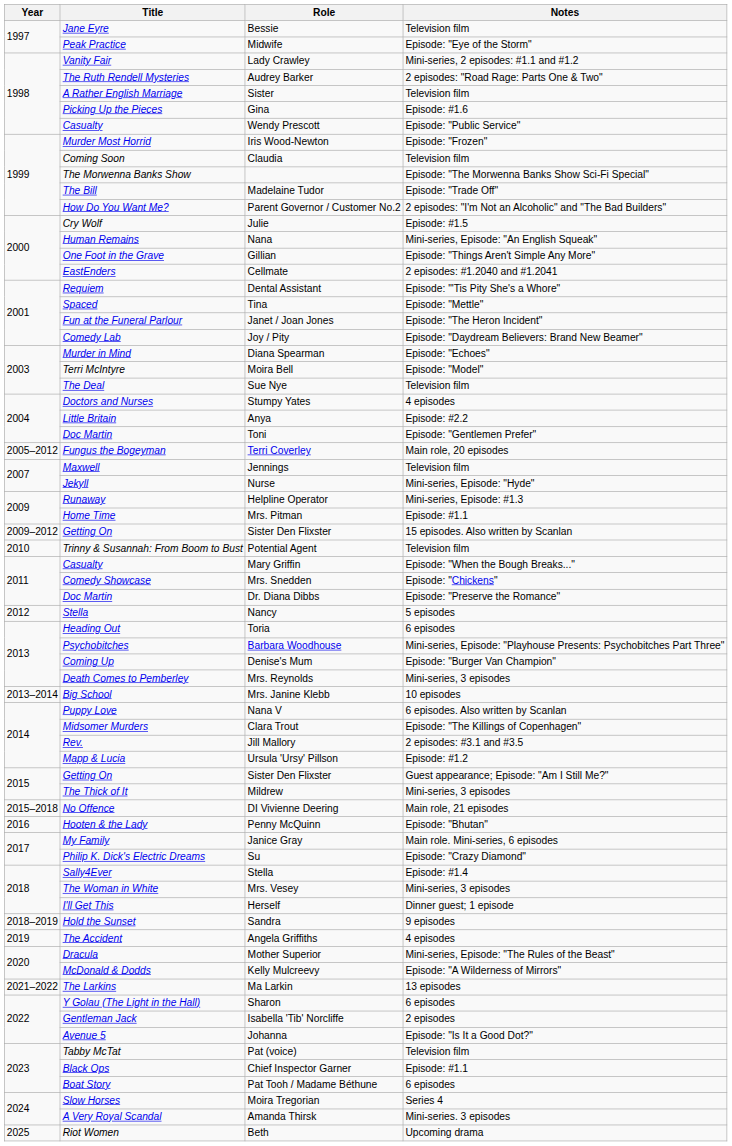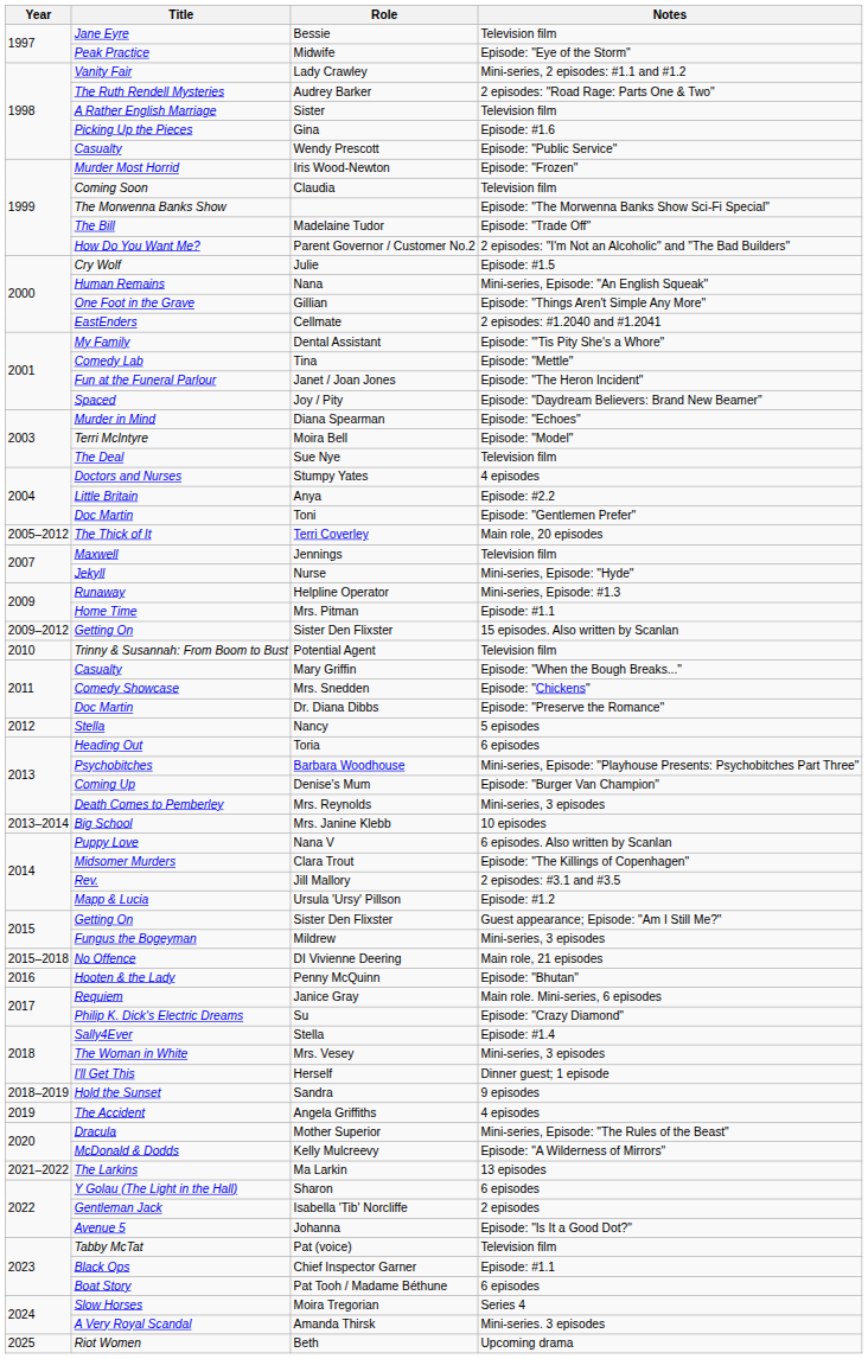 <table class="wikitable sortable">
 <tr>
 <th>Year</th>
 <th>Title</th>
 <th>Role</th>
 <th class="unsortable">Notes</th>
 </tr>
 <tr>
 <td rowspan="2">1997</td>
 <td><em><a href='#'>Jane Eyre</a></em></td>
 <td>Bessie</td>
 <td>Television film</td>
 </tr>
 <tr>
 <td><em><a href='#'>Peak Practice</a></em></td>
 <td>Midwife</td>
 <td>Episode: "Eye of the Storm"</td>
 </tr>
 <tr>
 <td rowspan="5">1998</td>
 <td><em><a href='#'>Vanity Fair</a></em></td>
 <td>Lady Crawley</td>
 <td>Mini-series, 2 episodes: #1.1 and #1.2</td>
 </tr>
 <tr>
 <td><em><a href='#'>The Ruth Rendell Mysteries</a></em></td>
 <td>Audrey Barker</td>
 <td>2 episodes: "Road Rage: Parts One & Two"</td>
 </tr>
 <tr>
 <td><em><a href='#'>A Rather English Marriage</a></em></td>
 <td>Sister</td>
 <td>Television film</td>
 </tr>
 <tr>
 <td><em><a href='#'>Picking Up the Pieces</a></em></td>
 <td>Gina</td>
 <td>Episode: #1.6</td>
 </tr>
 <tr>
 <td><em><a href='#'>Casualty</a></em></td>
 <td>Wendy Prescott</td>
 <td>Episode: "Public Service"</td>
 </tr>
 <tr>
 <td rowspan="5">1999</td>
 <td><em><a href='#'>Murder Most Horrid</a></em></td>
 <td>Iris Wood-Newton</td>
 <td>Episode: "Frozen"</td>
 </tr>
 <tr>
 <td><em>Coming Soon</em></td>
 <td>Claudia</td>
 <td>Television film</td>
 </tr>
 <tr>
 <td><em>The Morwenna Banks Show</em></td>
 <td></td>
 <td>Episode: "The Morwenna Banks Show Sci-Fi Special"</td>
 </tr>
 <tr>
 <td><em><a href='#'>The Bill</a></em></td>
 <td>Madelaine Tudor</td>
 <td>Episode: "Trade Off"</td>
 </tr>
 <tr>
 <td><em><a href='#'>How Do You Want Me?</a></em></td>
 <td>Parent Governor / Customer No.2</td>
 <td>2 episodes: "I'm Not an Alcoholic" and "The Bad Builders"</td>
 </tr>
 <tr>
 <td rowspan="4">2000</td>
 <td><em>Cry Wolf</em></td>
 <td>Julie</td>
 <td>Episode: #1.5</td>
 </tr>
 <tr>
 <td><em><a href='#'>Human Remains</a></em></td>
 <td>Nana</td>
 <td>Mini-series, Episode: "An English Squeak"</td>
 </tr>
 <tr>
 <td><em><a href='#'>One Foot in the Grave</a></em></td>
 <td>Gillian</td>
 <td>Episode: "Things Aren't Simple Any More"</td>
 </tr>
 <tr>
 <td><em><a href='#'>EastEnders</a></em></td>
 <td>Cellmate</td>
 <td>2 episodes: #1.2040 and #1.2041</td>
 </tr>
 <tr>
 <td rowspan="4">2001</td>
-<td><em><a href='#'>Requiem</a></em></td>
+<td><em><a href='#'>My Family</a></em></td>
 <td>Dental Assistant</td>
 <td>Episode: "'Tis Pity She's a Whore"</td>
 </tr>
 <tr>
-<td><em><a href='#'>Spaced</a></em></td>
+<td><em><a href='#'>Comedy Lab</a></em></td>
 <td>Tina</td>
 <td>Episode: "Mettle"</td>
 </tr>
 <tr>
 <td><em><a href='#'>Fun at the Funeral Parlour</a></em></td>
 <td>Janet / Joan Jones</td>
 <td>Episode: "The Heron Incident"</td>
 </tr>
 <tr>
-<td><em><a href='#'>Comedy Lab</a></em></td>
+<td><em><a href='#'>Spaced</a></em></td>
 <td>Joy / Pity</td>
 <td>Episode: "Daydream Believers: Brand New Beamer"</td>
 </tr>
 <tr>
 <td rowspan="3">2003</td>
 <td><em><a href='#'>Murder in Mind</a></em></td>
 <td>Diana Spearman</td>
 <td>Episode: "Echoes"</td>
 </tr>
 <tr>
 <td><em>Terri McIntyre</em></td>
 <td>Moira Bell</td>
 <td>Episode: "Model"</td>
 </tr>
 <tr>
 <td><em><a href='#'>The Deal</a></em></td>
 <td>Sue Nye</td>
 <td>Television film</td>
 </tr>
 <tr>
 <td rowspan="3">2004</td>
 <td><em><a href='#'>Doctors and Nurses</a></em></td>
 <td>Stumpy Yates</td>
 <td>4 episodes</td>
 </tr>
 <tr>
 <td><em><a href='#'>Little Britain</a></em></td>
 <td>Anya</td>
 <td>Episode: #2.2</td>
 </tr>
 <tr>
 <td><em><a href='#'>Doc Martin</a></em></td>
 <td>Toni</td>
 <td>Episode: "Gentlemen Prefer"</td>
 </tr>
 <tr>
 <td>2005–2012</td>
-<td><em><a href='#'>Fungus the Bogeyman</a></em></td>
+<td><em><a href='#'>The Thick of It</a></em></td>
 <td><a href='#'>Terri Coverley</a></td>
 <td>Main role, 20 episodes</td>
 </tr>
 <tr>
 <td rowspan="2">2007</td>
 <td><em><a href='#'>Maxwell</a></em></td>
 <td>Jennings</td>
 <td>Television film</td>
 </tr>
 <tr>
 <td><em><a href='#'>Jekyll</a></em></td>
 <td>Nurse</td>
 <td>Mini-series, Episode: "Hyde"</td>
 </tr>
 <tr>
 <td rowspan="2">2009</td>
 <td><em><a href='#'>Runaway</a></em></td>
 <td>Helpline Operator</td>
 <td>Mini-series, Episode: #1.3</td>
 </tr>
 <tr>
 <td><em><a href='#'>Home Time</a></em></td>
 <td>Mrs. Pitman</td>
 <td>Episode: #1.1</td>
 </tr>
 <tr>
 <td>2009–2012</td>
 <td><em><a href='#'>Getting On</a></em></td>
 <td>Sister Den Flixster</td>
 <td>15 episodes. Also written by Scanlan</td>
 </tr>
 <tr>
 <td>2010</td>
 <td><em>Trinny & Susannah: From Boom to Bust</em></td>
 <td>Potential Agent</td>
 <td>Television film</td>
 </tr>
 <tr>
 <td rowspan="3">2011</td>
 <td><em><a href='#'>Casualty</a></em></td>
 <td>Mary Griffin</td>
 <td>Episode: "When the Bough Breaks..."</td>
 </tr>
 <tr>
 <td><em><a href='#'>Comedy Showcase</a></em></td>
 <td>Mrs. Snedden</td>
 <td>Episode: "<a href='#'>Chickens</a>"</td>
 </tr>
 <tr>
 <td><em><a href='#'>Doc Martin</a></em></td>
 <td>Dr. Diana Dibbs</td>
 <td>Episode: "Preserve the Romance"</td>
 </tr>
 <tr>
 <td>2012</td>
 <td><em><a href='#'>Stella</a></em></td>
 <td>Nancy</td>
 <td>5 episodes</td>
 </tr>
 <tr>
 <td rowspan="4">2013</td>
 <td><em><a href='#'>Heading Out</a></em></td>
 <td>Toria</td>
 <td>6 episodes</td>
 </tr>
 <tr>
 <td><em><a href='#'>Psychobitches</a></em></td>
 <td><a href='#'>Barbara Woodhouse</a></td>
 <td>Mini-series, Episode: "Playhouse Presents: Psychobitches Part Three"</td>
 </tr>
 <tr>
 <td><em><a href='#'>Coming Up</a></em></td>
 <td>Denise's Mum</td>
 <td>Episode: "Burger Van Champion"</td>
 </tr>
 <tr>
 <td><em><a href='#'>Death Comes to Pemberley</a></em></td>
 <td>Mrs. Reynolds</td>
 <td>Mini-series, 3 episodes</td>
 </tr>
 <tr>
 <td>2013–2014</td>
 <td><em><a href='#'>Big School</a></em></td>
 <td>Mrs. Janine Klebb</td>
 <td>10 episodes</td>
 </tr>
 <tr>
 <td rowspan="4">2014</td>
 <td><em><a href='#'>Puppy Love</a></em></td>
 <td>Nana V</td>
 <td>6 episodes. Also written by Scanlan</td>
 </tr>
 <tr>
 <td><em><a href='#'>Midsomer Murders</a></em></td>
 <td>Clara Trout</td>
 <td>Episode: "The Killings of Copenhagen"</td>
 </tr>
 <tr>
 <td><em><a href='#'>Rev.</a></em></td>
 <td>Jill Mallory</td>
 <td>2 episodes: #3.1 and #3.5</td>
 </tr>
 <tr>
 <td><em><a href='#'>Mapp & Lucia</a></em></td>
 <td>Ursula 'Ursy' Pillson</td>
 <td>Episode: #1.2</td>
 </tr>
 <tr>
 <td rowspan="2">2015</td>
 <td><em><a href='#'>Getting On</a></em></td>
 <td>Sister Den Flixster</td>
 <td>Guest appearance; Episode: "Am I Still Me?"</td>
 </tr>
 <tr>
-<td><em><a href='#'>The Thick of It</a></em></td>
+<td><em><a href='#'>Fungus the Bogeyman</a></em></td>
 <td>Mildrew</td>
 <td>Mini-series, 3 episodes</td>
 </tr>
 <tr>
 <td>2015–2018</td>
 <td><em><a href='#'>No Offence</a></em></td>
 <td>DI Vivienne Deering</td>
 <td>Main role, 21 episodes</td>
 </tr>
 <tr>
 <td>2016</td>
 <td><em><a href='#'>Hooten & the Lady</a></em></td>
 <td>Penny McQuinn</td>
 <td>Episode: "Bhutan"</td>
 </tr>
 <tr>
 <td rowspan="2">2017</td>
-<td><em><a href='#'>My Family</a></em></td>
+<td><em><a href='#'>Requiem</a></em></td>
 <td>Janice Gray</td>
 <td>Main role. Mini-series, 6 episodes</td>
 </tr>
 <tr>
 <td><em><a href='#'>Philip K. Dick's Electric Dreams</a></em></td>
 <td>Su</td>
 <td>Episode: "Crazy Diamond"</td>
 </tr>
 <tr>
 <td rowspan="3">2018</td>
 <td><em><a href='#'>Sally4Ever</a></em></td>
 <td>Stella</td>
 <td>Episode: #1.4</td>
 </tr>
 <tr>
 <td><em><a href='#'>The Woman in White</a></em></td>
 <td>Mrs. Vesey</td>
 <td>Mini-series, 3 episodes</td>
 </tr>
 <tr>
 <td><em><a href='#'>I'll Get This</a></em></td>
 <td>Herself</td>
 <td>Dinner guest; 1 episode</td>
 </tr>
 <tr>
 <td>2018–2019</td>
 <td><em><a href='#'>Hold the Sunset</a></em></td>
 <td>Sandra</td>
 <td>9 episodes</td>
 </tr>
 <tr>
 <td>2019</td>
 <td><em><a href='#'>The Accident</a></em></td>
 <td>Angela Griffiths</td>
 <td>4 episodes</td>
 </tr>
 <tr>
 <td rowspan="2">2020</td>
 <td><em><a href='#'>Dracula</a></em></td>
 <td>Mother Superior</td>
 <td>Mini-series, Episode: "The Rules of the Beast"</td>
 </tr>
 <tr>
 <td><em><a href='#'>McDonald & Dodds</a></em></td>
 <td>Kelly Mulcreevy</td>
 <td>Episode: "A Wilderness of Mirrors"</td>
 </tr>
 <tr>
 <td>2021–2022</td>
 <td><em><a href='#'>The Larkins</a></em></td>
 <td>Ma Larkin</td>
 <td>13 episodes</td>
 </tr>
 <tr>
 <td rowspan="3">2022</td>
 <td><em><a href='#'>Y Golau (The Light in the Hall)</a></em></td>
 <td>Sharon</td>
 <td>6 episodes</td>
 </tr>
 <tr>
 <td><em><a href='#'>Gentleman Jack</a></em></td>
 <td>Isabella 'Tib' Norcliffe</td>
 <td>2 episodes</td>
 </tr>
 <tr>
 <td><em><a href='#'>Avenue 5</a></em></td>
 <td>Johanna</td>
 <td>Episode: "Is It a Good Dot?"</td>
 </tr>
 <tr>
 <td rowspan="3">2023</td>
 <td><em>Tabby McTat</em></td>
 <td>Pat (voice)</td>
 <td>Television film</td>
 </tr>
 <tr>
 <td><em><a href='#'>Black Ops</a></em></td>
 <td>Chief Inspector Garner</td>
 <td>Episode: #1.1</td>
 </tr>
 <tr>
 <td><em><a href='#'>Boat Story</a></em></td>
 <td>Pat Tooh / Madame Béthune</td>
 <td>6 episodes</td>
 </tr>
 <tr>
 <td rowspan="2">2024</td>
 <td><em><a href='#'>Slow Horses</a></em></td>
 <td>Moira Tregorian</td>
 <td>Series 4</td>
 </tr>
 <tr>
 <td><em><a href='#'>A Very Royal Scandal</a></em></td>
 <td>Amanda Thirsk</td>
 <td>Mini-series. 3 episodes</td>
 </tr>
 <tr>
 <td>2025</td>
 <td><em>Riot Women</em></td>
 <td>Beth</td>
 <td>Upcoming drama</td>
 </tr>
 </table>
